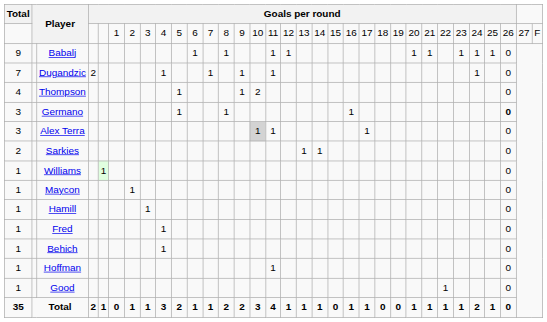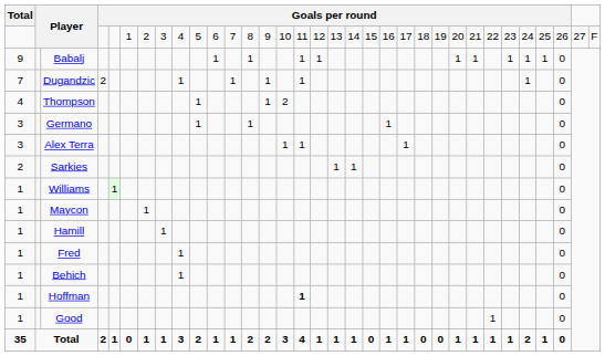 <table class="wikitable sortable" style="text-align:center; line-height: 150%; font-size:90%;">
 <tr>
 <th rowspan="1" class="unsortable">Total</th>
 <th rowspan="2" colspan=2 class="unsortable">Player</th>
 <th colspan="28" class="unsortable">Goals per round</th>
 </tr>
 <tr>
 <td></td>
 <td></td>
 <td></td>
 <td> 1 </td>
 <td> 2 </td>
 <td> 3 </td>
 <td> 4 </td>
 <td> 5 </td>
 <td> 6 </td>
 <td> 7 </td>
 <td> 8 </td>
 <td> 9 </td>
 <td>10</td>
 <td>11</td>
 <td>12</td>
 <td>13</td>
 <td>14</td>
 <td>15</td>
 <td>16</td>
 <td>17</td>
 <td>18</td>
 <td>19</td>
 <td>20</td>
 <td>21</td>
 <td>22</td>
 <td>23</td>
 <td>24</td>
 <td>25</td>
 <td>26</td>
 <td>27</td>
 <td>F</td>
 </tr>
 <tr>
 <td>9</td>
 <td></td>
 <td><a href='#'>Babalj</a></td>
 <td></td>
 <td></td>
 <td></td>
 <td></td>
 <td></td>
 <td></td>
 <td></td>
 <td>1</td>
 <td></td>
 <td>1</td>
 <td></td>
 <td></td>
 <td>1</td>
 <td>1</td>
 <td></td>
 <td></td>
 <td></td>
 <td></td>
 <td></td>
 <td></td>
 <td></td>
 <td>1</td>
 <td>1</td>
 <td></td>
 <td>1</td>
 <td>1</td>
 <td>1</td>
 <td>0</td>
 </tr>
 <tr>
 <td>7</td>
 <td></td>
 <td><a href='#'>Dugandzic</a></td>
 <td>2</td>
 <td></td>
 <td></td>
 <td></td>
 <td></td>
 <td>1</td>
 <td></td>
 <td></td>
 <td>1</td>
 <td></td>
 <td>1</td>
 <td></td>
 <td>1</td>
 <td></td>
 <td></td>
 <td></td>
 <td></td>
 <td></td>
 <td></td>
 <td></td>
 <td></td>
 <td></td>
 <td></td>
 <td></td>
 <td></td>
 <td>1</td>
 <td></td>
 <td>0</td>
 </tr>
 <tr>
 <td>4</td>
 <td></td>
 <td><a href='#'>Thompson</a></td>
 <td></td>
 <td></td>
 <td></td>
 <td></td>
 <td></td>
 <td></td>
 <td>1</td>
 <td></td>
 <td></td>
 <td></td>
 <td>1</td>
 <td>2</td>
 <td></td>
 <td></td>
 <td></td>
 <td></td>
 <td></td>
 <td></td>
 <td></td>
 <td></td>
 <td></td>
 <td></td>
 <td></td>
 <td></td>
 <td></td>
 <td></td>
 <td></td>
 <td>0</td>
 </tr>
 <tr>
 <td>3</td>
 <td></td>
 <td><a href='#'>Germano</a></td>
 <td></td>
 <td></td>
 <td></td>
 <td></td>
 <td></td>
 <td></td>
 <td>1</td>
 <td></td>
 <td></td>
 <td>1</td>
 <td></td>
 <td></td>
 <td></td>
 <td></td>
 <td></td>
 <td></td>
 <td></td>
 <td>1</td>
 <td></td>
 <td></td>
 <td></td>
 <td></td>
 <td></td>
 <td></td>
 <td></td>
 <td></td>
 <td></td>
-<td><strong>0</strong></td>
+<td>0</td>
 </tr>
 <tr>
 <td>3</td>
 <td></td>
 <td><a href='#'>Alex Terra</a></td>
 <td></td>
 <td></td>
 <td></td>
 <td></td>
 <td></td>
 <td></td>
 <td></td>
 <td></td>
 <td></td>
 <td></td>
 <td></td>
-<td style="background: lightgrey;">1</td>
+<td>1</td>
 <td>1</td>
 <td></td>
 <td></td>
 <td></td>
 <td></td>
 <td></td>
 <td>1</td>
 <td></td>
 <td></td>
 <td></td>
 <td></td>
 <td></td>
 <td></td>
 <td></td>
 <td></td>
 <td>0</td>
 </tr>
 <tr>
 <td>2</td>
 <td></td>
 <td><a href='#'>Sarkies</a></td>
 <td></td>
 <td></td>
 <td></td>
 <td></td>
 <td></td>
 <td></td>
 <td></td>
 <td></td>
 <td></td>
 <td></td>
 <td></td>
 <td></td>
 <td></td>
 <td></td>
 <td>1</td>
 <td>1</td>
 <td></td>
 <td></td>
 <td></td>
 <td></td>
 <td></td>
 <td></td>
 <td></td>
 <td></td>
 <td></td>
 <td></td>
 <td></td>
 <td>0</td>
 </tr>
 <tr>
 <td>1</td>
 <td></td>
 <td><a href='#'>Williams</a></td>
 <td></td>
 <td style="background:#e0ffe0;">1</td>
 <td></td>
 <td></td>
 <td></td>
 <td></td>
 <td></td>
 <td></td>
 <td></td>
 <td></td>
 <td></td>
 <td></td>
 <td></td>
 <td></td>
 <td></td>
 <td></td>
 <td></td>
 <td></td>
 <td></td>
 <td></td>
 <td></td>
 <td></td>
 <td></td>
 <td></td>
 <td></td>
 <td></td>
 <td></td>
 <td>0</td>
 </tr>
 <tr>
 <td>1</td>
 <td></td>
 <td><a href='#'>Maycon</a></td>
 <td></td>
 <td></td>
 <td></td>
 <td>1</td>
 <td></td>
 <td></td>
 <td></td>
 <td></td>
 <td></td>
 <td></td>
 <td></td>
 <td></td>
 <td></td>
 <td></td>
 <td></td>
 <td></td>
 <td></td>
 <td></td>
 <td></td>
 <td></td>
 <td></td>
 <td></td>
 <td></td>
 <td></td>
 <td></td>
 <td></td>
 <td></td>
 <td>0</td>
 </tr>
 <tr>
 <td>1</td>
 <td></td>
 <td><a href='#'>Hamill</a></td>
 <td></td>
 <td></td>
 <td></td>
 <td></td>
 <td>1</td>
 <td></td>
 <td></td>
 <td></td>
 <td></td>
 <td></td>
 <td></td>
 <td></td>
 <td></td>
 <td></td>
 <td></td>
 <td></td>
 <td></td>
 <td></td>
 <td></td>
 <td></td>
 <td></td>
 <td></td>
 <td></td>
 <td></td>
 <td></td>
 <td></td>
 <td></td>
 <td>0</td>
 </tr>
 <tr>
 <td>1</td>
 <td></td>
 <td><a href='#'>Fred</a></td>
 <td></td>
 <td></td>
 <td></td>
 <td></td>
 <td></td>
 <td>1</td>
 <td></td>
 <td></td>
 <td></td>
 <td></td>
 <td></td>
 <td></td>
 <td></td>
 <td></td>
 <td></td>
 <td></td>
 <td></td>
 <td></td>
 <td></td>
 <td></td>
 <td></td>
 <td></td>
 <td></td>
 <td></td>
 <td></td>
 <td></td>
 <td></td>
 <td>0</td>
 </tr>
 <tr>
 <td>1</td>
 <td></td>
 <td><a href='#'>Behich</a></td>
 <td></td>
 <td></td>
 <td></td>
 <td></td>
 <td></td>
 <td>1</td>
 <td></td>
 <td></td>
 <td></td>
 <td></td>
 <td></td>
 <td></td>
 <td></td>
 <td></td>
 <td></td>
 <td></td>
 <td></td>
 <td></td>
 <td></td>
 <td></td>
 <td></td>
 <td></td>
 <td></td>
 <td></td>
 <td></td>
 <td></td>
 <td></td>
 <td>0</td>
 </tr>
 <tr>
 <td>1</td>
 <td></td>
 <td><a href='#'>Hoffman</a></td>
 <td></td>
 <td></td>
 <td></td>
 <td></td>
 <td></td>
 <td></td>
 <td></td>
 <td></td>
 <td></td>
 <td></td>
 <td></td>
 <td></td>
-<td>1</td>
+<td><strong>1</strong></td>
 <td></td>
 <td></td>
 <td></td>
 <td></td>
 <td></td>
 <td></td>
 <td></td>
 <td></td>
 <td></td>
 <td></td>
 <td></td>
 <td></td>
 <td></td>
 <td></td>
 <td>0</td>
 </tr>
 <tr>
 <td>1</td>
 <td></td>
 <td><a href='#'>Good</a></td>
 <td></td>
 <td></td>
 <td></td>
 <td></td>
 <td></td>
 <td></td>
 <td></td>
 <td></td>
 <td></td>
 <td></td>
 <td></td>
 <td></td>
 <td></td>
 <td></td>
 <td></td>
 <td></td>
 <td></td>
 <td></td>
 <td></td>
 <td></td>
 <td></td>
 <td></td>
 <td></td>
 <td>1</td>
 <td></td>
 <td></td>
 <td></td>
 <td>0</td>
 </tr>
 <tr>
 <td><strong>35</strong></td>
 <td colspan="2"><strong>Total</strong></td>
 <td><strong>2 </strong></td>
 <td><strong>1</strong></td>
 <td><strong>0</strong></td>
 <td><strong>1</strong></td>
 <td><strong>1</strong></td>
 <td><strong>3</strong></td>
 <td><strong>2</strong></td>
 <td><strong>1</strong></td>
 <td><strong>1</strong></td>
 <td><strong>2</strong></td>
 <td><strong>2</strong></td>
 <td><strong>3</strong></td>
 <td><strong>4</strong></td>
 <td><strong>1</strong></td>
 <td><strong>1</strong></td>
 <td><strong>1</strong></td>
 <td><strong>0</strong></td>
 <td><strong>1</strong></td>
 <td><strong>1</strong></td>
 <td><strong>0</strong></td>
 <td><strong>0</strong></td>
 <td><strong>1</strong></td>
 <td><strong>1</strong></td>
 <td><strong>1</strong></td>
 <td><strong>1</strong></td>
 <td><strong>2</strong></td>
 <td><strong>1</strong></td>
 <td><strong>0</strong></td>
 </tr>
 </table>
